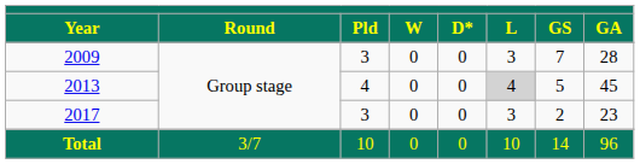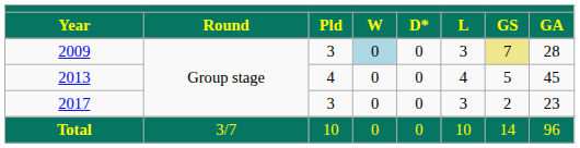 <table class="wikitable" style="text-align: center;font-size:95%;">
 <tr>
 <th colspan=9 style="background: #067662"><a href='#'></a></th>
 </tr>
 <tr style="color:yellow;">
 <th style="background:#067662;" width=125>Year</th>
 <th style="background:#067662;" width=150>Round</th>
 <th style="background:#067662;" width=35>Pld</th>
 <th style="background:#067662;" width=35>W</th>
 <th style="background:#067662;" width=35>D*</th>
 <th style="background:#067662;" width=35>L</th>
 <th style="background:#067662;" width=35>GS</th>
 <th style="background:#067662;" width=35>GA</th>
 </tr>
 <tr>
 </tr>
 <tr>
 <td> <a href='#'>2009</a></td>
 <td rowspan="3">Group stage</td>
 <td>3</td>
-<td>0</td>
+<td style="background: lightblue;">0</td>
 <td>0</td>
 <td>3</td>
-<td>7</td>
+<td style="background: khaki;">7</td>
 <td>28</td>
 </tr>
 <tr>
 <td> <a href='#'>2013</a></td>
 <td>4</td>
 <td>0</td>
 <td>0</td>
-<td style="background: lightgrey;">4</td>
+<td>4</td>
 <td>5</td>
 <td>45</td>
 </tr>
 <tr>
 <td> <a href='#'>2017</a></td>
 <td>3</td>
 <td>0</td>
 <td>0</td>
 <td>3</td>
 <td>2</td>
 <td>23</td>
 </tr>
 <tr>
 </tr>
 <tr bgcolor="#067662" style="color:yellow;">
 <td><strong>Total</strong></td>
 <td>3/7</td>
 <td>10</td>
 <td>0</td>
 <td>0</td>
 <td>10</td>
 <td>14</td>
 <td>96</td>
 </tr>
 </table>
